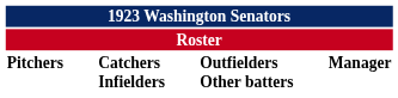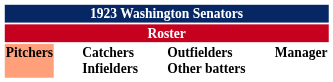 <table class="toccolours" style="font-size: 95%;">
 <tr>
 <th colspan="10" style="background-color: #072764; color: white; text-align: center;">1923 Washington Senators</th>
 </tr>
 <tr>
 <td colspan="10" style="background-color: #c6011f; color: white; text-align: center;"><strong>Roster</strong></td>
 </tr>
 <tr>
-<td valign="top"><strong>Pitchers</strong><br>                </td>
+<td valign="top" style="background: lightsalmon;"><strong>Pitchers</strong><br>                </td>
 <td width="25px"></td>
 <td valign="top"><strong>Catchers</strong><br>  <strong>Infielders</strong>           </td>
 <td width="25px"></td>
 <td valign="top"><strong>Outfielders</strong><br>       <strong>Other batters</strong>  </td>
 <td width="25px"></td>
 <td valign="top"><strong>Manager</strong><br></td>
 </tr>
 </table>
